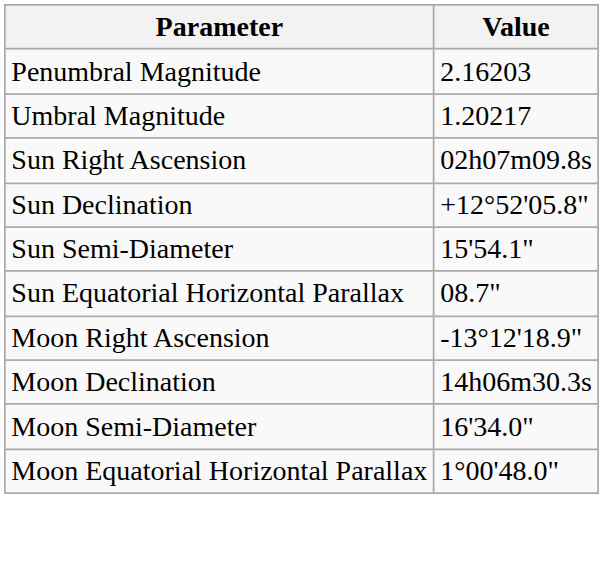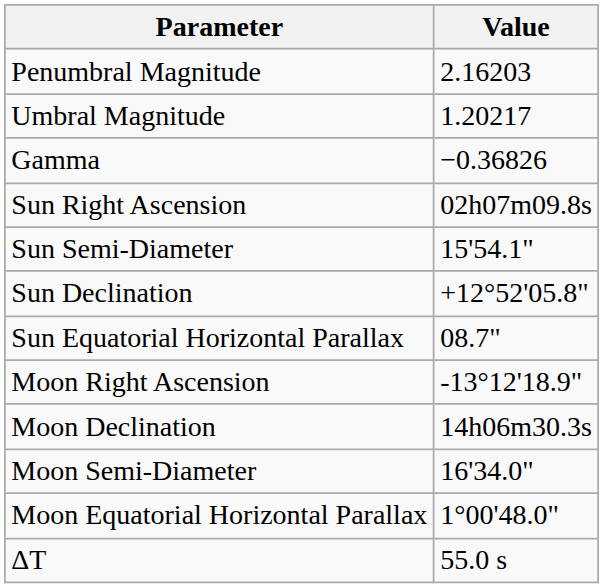 <table class="wikitable">
 <tr>
 <th>Parameter</th>
 <th>Value</th>
 </tr>
 <tr>
 <td>Penumbral Magnitude</td>
 <td>2.16203</td>
 </tr>
 <tr>
 <td>Umbral Magnitude</td>
 <td>1.20217</td>
 </tr>
 <tr>
+<td>Gamma</td>
+<td>−0.36826</td>
+</tr>
+<tr>
 <td>Sun Right Ascension</td>
 <td>02h07m09.8s</td>
 </tr>
 <tr>
+<td>Sun Semi-Diameter</td>
+<td>15'54.1"</td>
+</tr>
+<tr>
 <td>Sun Declination</td>
 <td>+12°52'05.8"</td>
-</tr>
-<tr>
-<td>Sun Semi-Diameter</td>
-<td>15'54.1"</td>
 </tr>
 <tr>
 <td>Sun Equatorial Horizontal Parallax</td>
 <td>08.7"</td>
 </tr>
 <tr>
 <td>Moon Right Ascension</td>
 <td>-13°12'18.9"</td>
 </tr>
 <tr>
 <td>Moon Declination</td>
 <td>14h06m30.3s</td>
 </tr>
 <tr>
 <td>Moon Semi-Diameter</td>
 <td>16'34.0"</td>
 </tr>
 <tr>
 <td>Moon Equatorial Horizontal Parallax</td>
 <td>1°00'48.0"</td>
 </tr>
+<tr>
+<td>ΔT</td>
+<td>55.0 s</td>
+</tr>
 </table>
